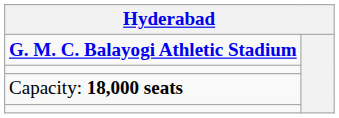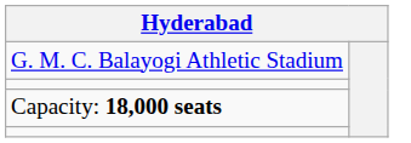 <table class="wikitable">
 <tr>
 <th colspan="2" width="20px"><a href='#'>Hyderabad</a></th>
 </tr>
 <tr>
-<td><strong><a href='#'>G. M. C. Balayogi Athletic Stadium</a></strong></td>
+<td><a href='#'>G. M. C. Balayogi Athletic Stadium</a></td>
 <th rowspan="5" width="20px"></th>
 </tr>
 <tr>
 <td></td>
 </tr>
 <tr>
 <td>Capacity: <strong>18,000 seats</strong></td>
 </tr>
 <tr>
 <td></td>
 </tr>
 </table>
